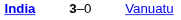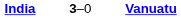 <table>
 <tr>
 <th width=200></th>
 <th width=100></th>
 <th width=200></th>
 </tr>
 <tr>
 <td align=right><strong><a href='#'>India</a> </strong></td>
 <td align=center><strong>3</strong>–0</td>
-<td> <a href='#'>Vanuatu</a></td>
+<td><strong> <a href='#'>Vanuatu</a></strong></td>
 </tr>
 </table>
